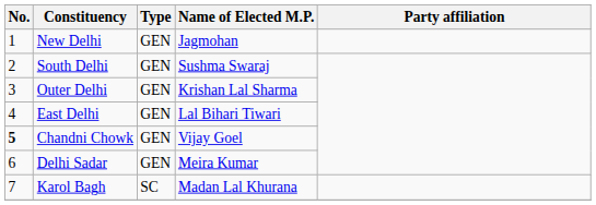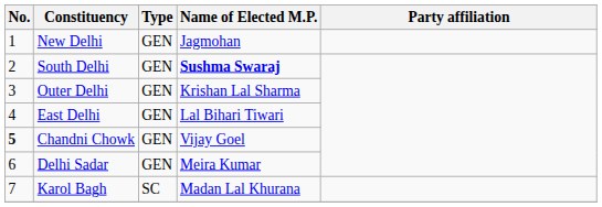 <table class="wikitable" style="font-size:95%;">
 <tr>
 <th>No.</th>
 <th>Constituency</th>
 <th>Type</th>
 <th>Name of Elected M.P.</th>
 <th colspan="2" style="width:18em">Party affiliation</th>
 </tr>
 <tr>
 <td>1</td>
 <td><a href='#'>New Delhi</a></td>
 <td>GEN</td>
 <td><a href='#'>Jagmohan</a></td>
 <td></td>
 </tr>
 <tr>
 <td>2</td>
 <td><a href='#'>South Delhi</a></td>
 <td>GEN</td>
-<td><a href='#'>Sushma Swaraj</a></td>
+<td><strong><a href='#'>Sushma Swaraj</a></strong></td>
 </tr>
 <tr>
 <td>3</td>
 <td><a href='#'>Outer Delhi</a></td>
 <td>GEN</td>
 <td><a href='#'>Krishan Lal Sharma</a></td>
 </tr>
 <tr>
 <td>4</td>
 <td><a href='#'>East Delhi</a></td>
 <td>GEN</td>
 <td><a href='#'>Lal Bihari Tiwari</a></td>
 </tr>
 <tr>
 <td><strong>5</strong></td>
 <td><a href='#'>Chandni Chowk</a></td>
 <td>GEN</td>
 <td><a href='#'>Vijay Goel</a></td>
 </tr>
 <tr>
 <td>6</td>
 <td><a href='#'>Delhi Sadar</a></td>
 <td>GEN</td>
 <td><a href='#'>Meira Kumar</a></td>
 </tr>
 <tr>
 <td>7</td>
 <td><a href='#'>Karol Bagh</a></td>
 <td>SC</td>
 <td><a href='#'>Madan Lal Khurana</a></td>
 <td></td>
 </tr>
 <tr>
 </tr>
 </table>
